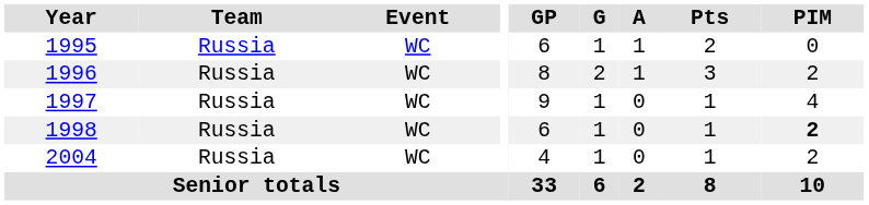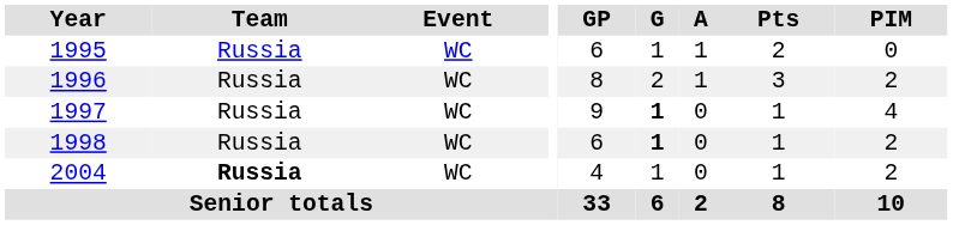 <table border="0" cellpadding="1" cellspacing="0" ID="Table3" style="text-align:center; width:40em">
 <tr bgcolor="#e0e0e0">
 <th>Year</th>
 <th>Team</th>
 <th>Event</th>
 <th rowspan="102" bgcolor="#ffffff"></th>
 <th>GP</th>
 <th>G</th>
 <th>A</th>
 <th>Pts</th>
 <th>PIM</th>
 </tr>
 <tr>
 <td><a href='#'>1995</a></td>
 <td><a href='#'>Russia</a></td>
 <td><a href='#'>WC</a></td>
 <td>6</td>
 <td>1</td>
 <td>1</td>
 <td>2</td>
 <td>0</td>
 </tr>
 <tr bgcolor="#f0f0f0">
 <td><a href='#'>1996</a></td>
 <td>Russia</td>
 <td>WC</td>
 <td>8</td>
 <td>2</td>
 <td>1</td>
 <td>3</td>
 <td>2</td>
 </tr>
 <tr>
 <td><a href='#'>1997</a></td>
 <td>Russia</td>
 <td>WC</td>
 <td>9</td>
-<td>1</td>
+<td><strong>1</strong></td>
 <td>0</td>
 <td>1</td>
 <td>4</td>
 </tr>
 <tr bgcolor="#f0f0f0">
 <td><a href='#'>1998</a></td>
 <td>Russia</td>
 <td>WC</td>
 <td>6</td>
-<td>1</td>
+<td><strong>1</strong></td>
 <td>0</td>
 <td>1</td>
-<td><strong>2</strong></td>
+<td>2</td>
 </tr>
 <tr>
 <td><a href='#'>2004</a></td>
-<td>Russia</td>
+<td><strong>Russia</strong></td>
 <td>WC</td>
 <td>4</td>
 <td>1</td>
 <td>0</td>
 <td>1</td>
 <td>2</td>
 </tr>
 <tr bgcolor="#e0e0e0">
 <th colspan="4">Senior totals</th>
 <th>33</th>
 <th>6</th>
 <th>2</th>
 <th>8</th>
 <th>10</th>
 </tr>
 </table>
